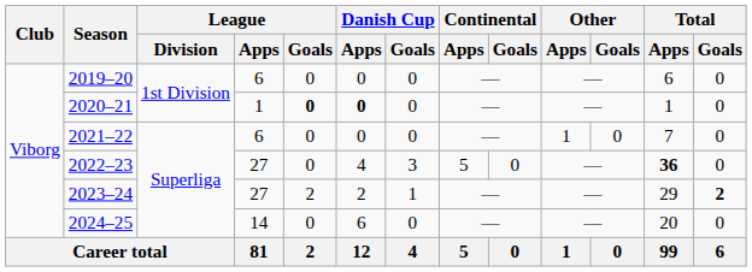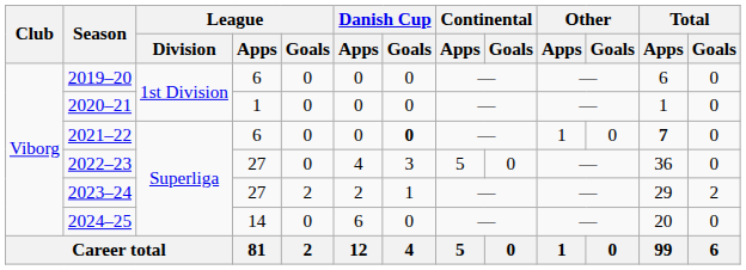 <table class=wikitable style=text-align:center>
 <tr>
 <th rowspan=2>Club</th>
 <th rowspan=2>Season</th>
 <th colspan=3>League</th>
 <th colspan=2><a href='#'>Danish Cup</a></th>
 <th colspan=2>Continental</th>
 <th colspan=2>Other</th>
 <th colspan=2>Total</th>
 </tr>
 <tr>
 <th>Division</th>
 <th>Apps</th>
 <th>Goals</th>
 <th>Apps</th>
 <th>Goals</th>
 <th>Apps</th>
 <th>Goals</th>
 <th>Apps</th>
 <th>Goals</th>
 <th>Apps</th>
 <th>Goals</th>
 </tr>
 <tr>
 <td rowspan=6><a href='#'>Viborg</a></td>
 <td><a href='#'>2019–20</a></td>
 <td rowspan=2><a href='#'>1st Division</a></td>
 <td>6</td>
 <td>0</td>
 <td>0</td>
 <td>0</td>
 <td colspan=2>—</td>
 <td colspan=2>—</td>
 <td>6</td>
 <td>0</td>
 </tr>
 <tr>
 <td><a href='#'>2020–21</a></td>
 <td>1</td>
-<td><strong>0</strong></td>
-<td><strong>0</strong></td>
+<td>0</td>
+<td>0</td>
 <td>0</td>
 <td colspan=2>—</td>
 <td colspan=2>—</td>
 <td>1</td>
 <td>0</td>
 </tr>
 <tr>
 <td><a href='#'>2021–22</a></td>
 <td rowspan=4><a href='#'>Superliga</a></td>
 <td>6</td>
 <td>0</td>
 <td>0</td>
-<td>0</td>
+<td><strong>0</strong></td>
 <td colspan=2>—</td>
 <td>1</td>
 <td>0</td>
-<td>7</td>
+<td><strong>7</strong></td>
 <td>0</td>
 </tr>
 <tr>
 <td><a href='#'>2022–23</a></td>
 <td>27</td>
 <td>0</td>
 <td>4</td>
 <td>3</td>
 <td>5</td>
 <td>0</td>
 <td colspan=2>—</td>
-<td><strong>36</strong></td>
+<td>36</td>
 <td>0</td>
 </tr>
 <tr>
 <td><a href='#'>2023–24</a></td>
 <td>27</td>
 <td>2</td>
 <td>2</td>
 <td>1</td>
 <td colspan=2>—</td>
 <td colspan=2>—</td>
 <td>29</td>
-<td><strong>2</strong></td>
+<td>2</td>
 </tr>
 <tr>
 <td><a href='#'>2024–25</a></td>
 <td>14</td>
 <td>0</td>
 <td>6</td>
 <td>0</td>
 <td colspan=2>—</td>
 <td colspan=2>—</td>
 <td>20</td>
 <td>0</td>
 </tr>
 <tr>
 <th colspan=3>Career total</th>
 <th>81</th>
 <th>2</th>
 <th>12</th>
 <th>4</th>
 <th>5</th>
 <th>0</th>
 <th>1</th>
 <th>0</th>
 <th>99</th>
 <th>6</th>
 </tr>
 </table>
